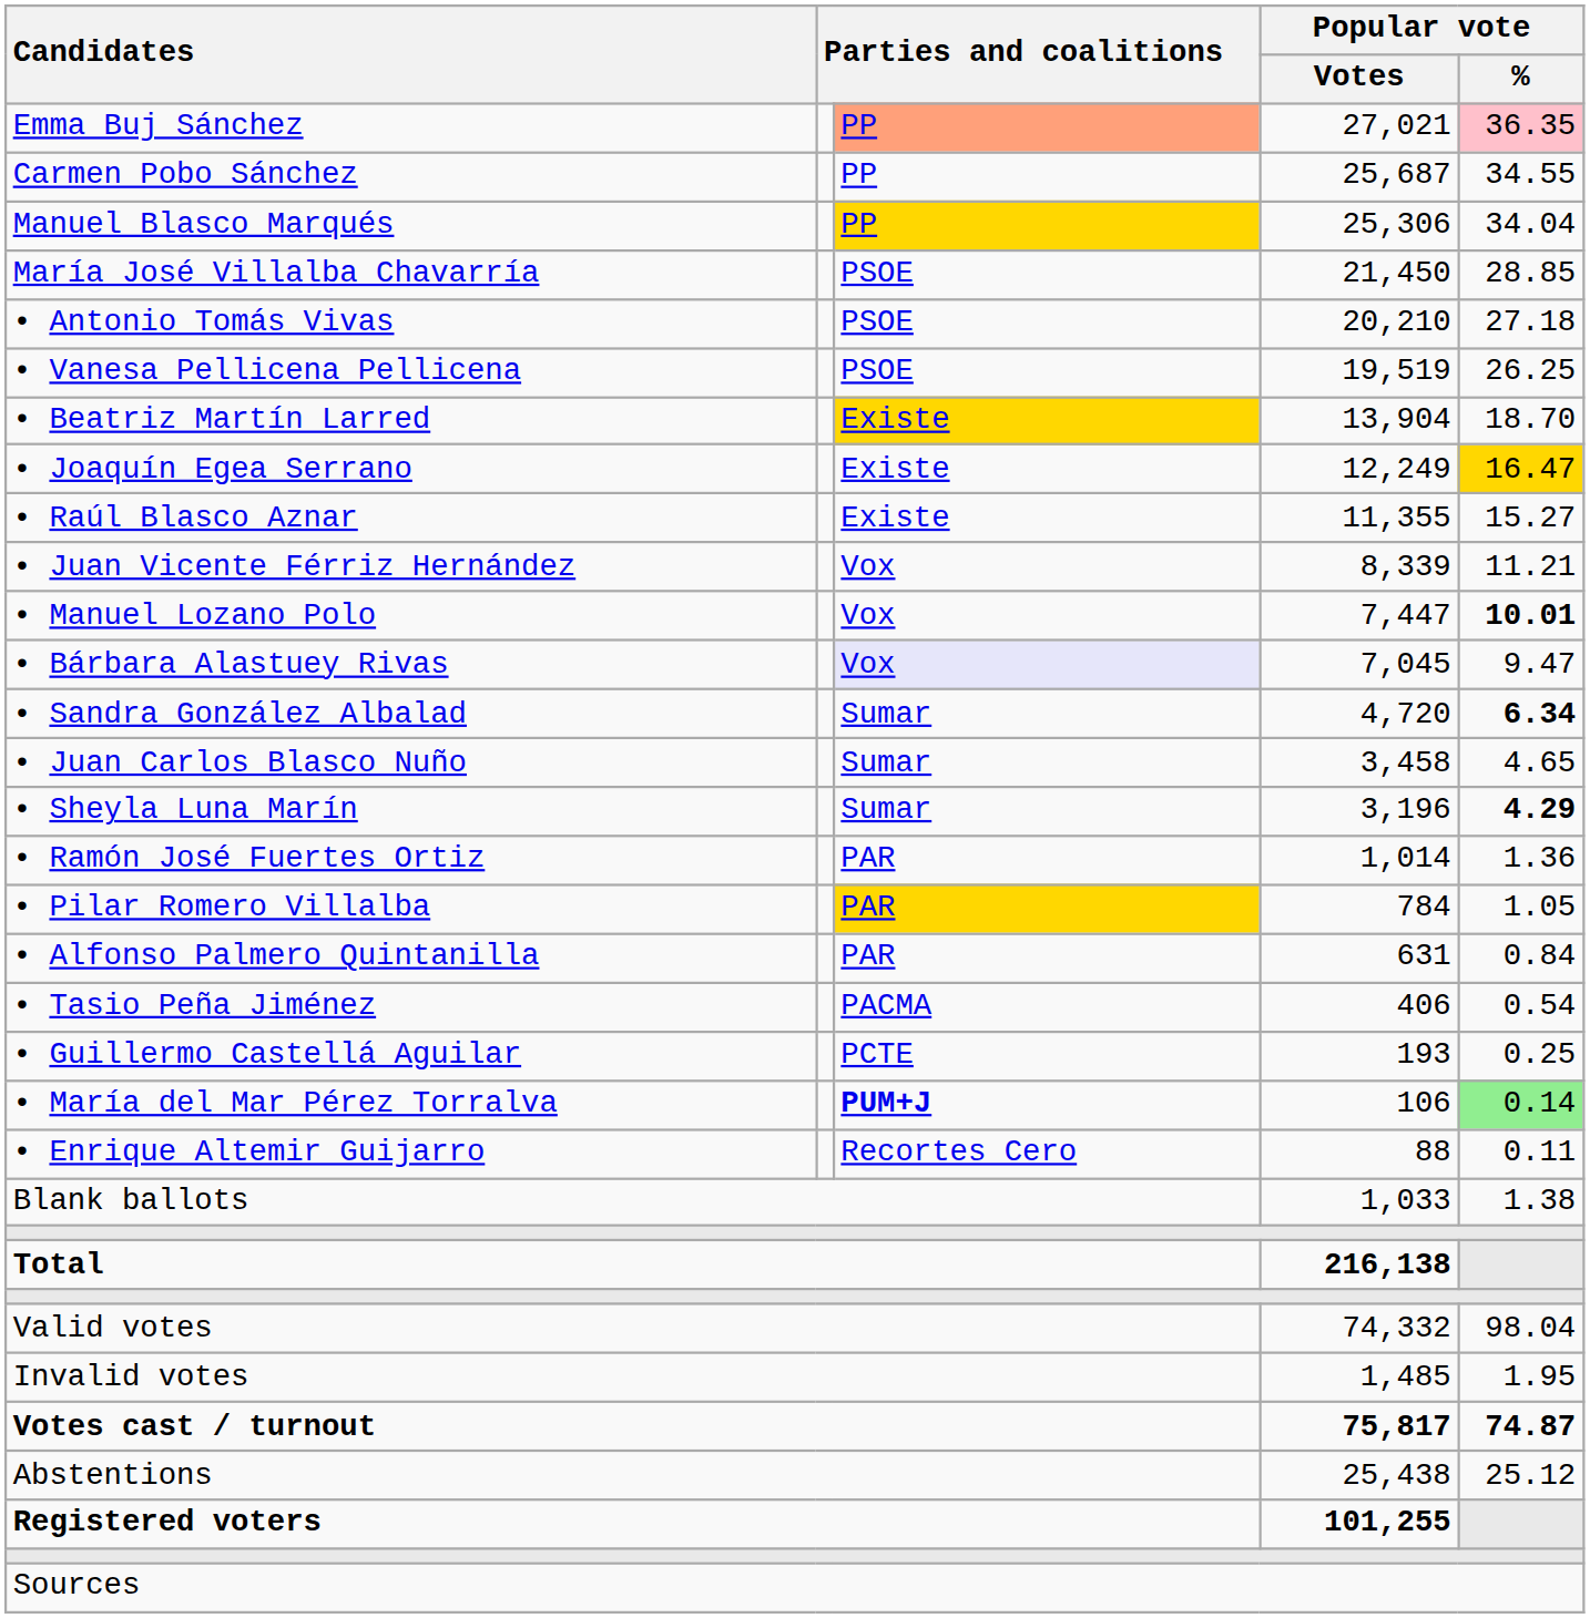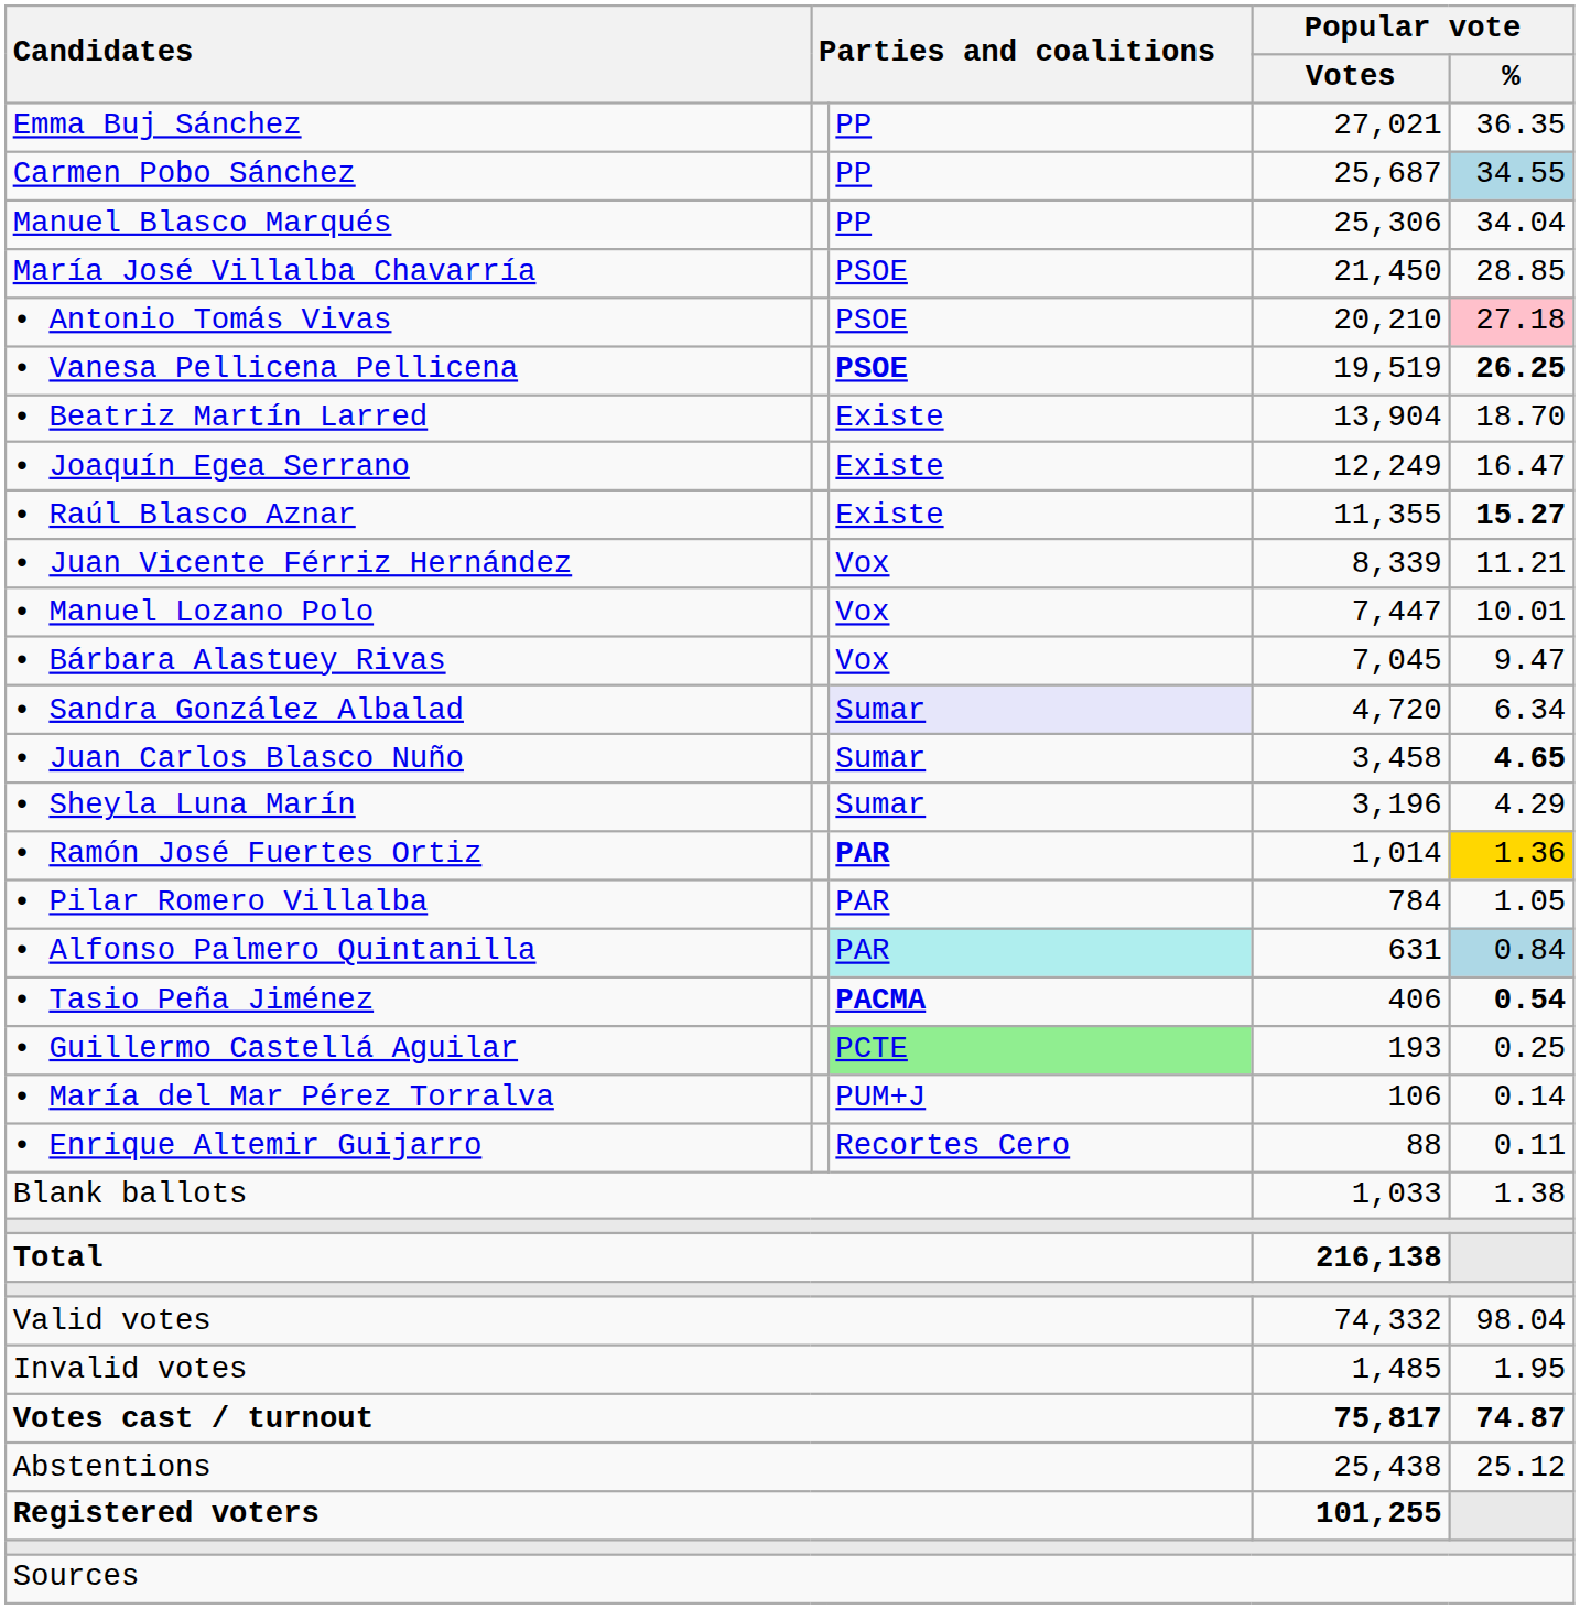 <table class="wikitable" style="text-align:right; font-size:95%;">
 <tr>
 <th style="text-align:left;" rowspan="2" width="325">Candidates</th>
 <th style="text-align:left;" rowspan="2" colspan="2" width="175">Parties and coalitions</th>
 <th colspan="2">Popular vote</th>
 </tr>
 <tr>
 <th width="75">Votes</th>
 <th width="45">%</th>
 </tr>
 <tr>
 <td align="left"> <a href='#'>Emma Buj Sánchez</a></td>
 <td width="1" style="color:inherit;background:"></td>
-<td align="left" style="background: lightsalmon;"><a href='#'>PP</a></td>
+<td align="left"><a href='#'>PP</a></td>
 <td>27,021</td>
-<td style="background: pink;">36.35</td>
+<td>36.35</td>
 </tr>
 <tr>
 <td align="left"> <a href='#'>Carmen Pobo Sánchez</a></td>
 <td width="1" style="color:inherit;background:"></td>
 <td align="left"><a href='#'>PP</a></td>
 <td>25,687</td>
-<td>34.55</td>
+<td style="background: lightblue;">34.55</td>
 </tr>
 <tr>
 <td align="left"> <a href='#'>Manuel Blasco Marqués</a></td>
 <td width="1" style="color:inherit;background:"></td>
-<td align="left" style="background: gold;"><a href='#'>PP</a></td>
+<td align="left"><a href='#'>PP</a></td>
 <td>25,306</td>
 <td>34.04</td>
 </tr>
 <tr>
 <td align="left"> <a href='#'>María José Villalba Chavarría</a></td>
 <td width="1" style="color:inherit;background:"></td>
 <td align="left"><a href='#'>PSOE</a></td>
 <td>21,450</td>
 <td>28.85</td>
 </tr>
 <tr>
 <td align="left">• <a href='#'>Antonio Tomás Vivas</a></td>
 <td width="1" style="color:inherit;background:"></td>
 <td align="left"><a href='#'>PSOE</a></td>
 <td>20,210</td>
-<td>27.18</td>
+<td style="background: pink;">27.18</td>
 </tr>
 <tr>
 <td align="left">• <a href='#'>Vanesa Pellicena Pellicena</a></td>
 <td width="1" style="color:inherit;background:"></td>
-<td align="left"><a href='#'>PSOE</a></td>
+<td align="left"><strong><a href='#'>PSOE</a></strong></td>
 <td>19,519</td>
-<td>26.25</td>
+<td><strong>26.25</strong></td>
 </tr>
 <tr>
 <td align="left">• <a href='#'>Beatriz Martín Larred</a></td>
 <td width="1" style="color:inherit;background:"></td>
-<td align="left" style="background: gold;"><a href='#'>Existe</a></td>
+<td align="left"><a href='#'>Existe</a></td>
 <td>13,904</td>
 <td>18.70</td>
 </tr>
 <tr>
 <td align="left">• <a href='#'>Joaquín Egea Serrano</a></td>
 <td width="1" style="color:inherit;background:"></td>
 <td align="left"><a href='#'>Existe</a></td>
 <td>12,249</td>
-<td style="background: gold;">16.47</td>
+<td>16.47</td>
 </tr>
 <tr>
 <td align="left">• <a href='#'>Raúl Blasco Aznar</a></td>
 <td width="1" style="color:inherit;background:"></td>
 <td align="left"><a href='#'>Existe</a></td>
 <td>11,355</td>
-<td>15.27</td>
+<td><strong>15.27</strong></td>
 </tr>
 <tr>
 <td align="left">• <a href='#'>Juan Vicente Férriz Hernández</a></td>
 <td width="1" style="color:inherit;background:"></td>
 <td align="left"><a href='#'>Vox</a></td>
 <td>8,339</td>
 <td>11.21</td>
 </tr>
 <tr>
 <td align="left">• <a href='#'>Manuel Lozano Polo</a></td>
 <td width="1" style="color:inherit;background:"></td>
 <td align="left"><a href='#'>Vox</a></td>
 <td>7,447</td>
-<td><strong>10.01</strong></td>
+<td>10.01</td>
 </tr>
 <tr>
 <td align="left">• <a href='#'>Bárbara Alastuey Rivas</a></td>
 <td width="1" style="color:inherit;background:"></td>
-<td align="left" style="background: lavender;"><a href='#'>Vox</a></td>
+<td align="left"><a href='#'>Vox</a></td>
 <td>7,045</td>
 <td>9.47</td>
 </tr>
 <tr>
 <td align="left">• <a href='#'>Sandra González Albalad</a></td>
 <td width="1" style="color:inherit;background:"></td>
-<td align="left"><a href='#'>Sumar</a></td>
+<td align="left" style="background: lavender;"><a href='#'>Sumar</a></td>
 <td>4,720</td>
-<td><strong>6.34</strong></td>
+<td>6.34</td>
 </tr>
 <tr>
 <td align="left">• <a href='#'>Juan Carlos Blasco Nuño</a></td>
 <td width="1" style="color:inherit;background:"></td>
 <td align="left"><a href='#'>Sumar</a></td>
 <td>3,458</td>
-<td>4.65</td>
+<td><strong>4.65</strong></td>
 </tr>
 <tr>
 <td align="left">• <a href='#'>Sheyla Luna Marín</a></td>
 <td width="1" style="color:inherit;background:"></td>
 <td align="left"><a href='#'>Sumar</a></td>
 <td>3,196</td>
-<td><strong>4.29</strong></td>
+<td>4.29</td>
 </tr>
 <tr>
 <td align="left">• <a href='#'>Ramón José Fuertes Ortiz</a></td>
 <td width="1" style="color:inherit;background:"></td>
-<td align="left"><a href='#'>PAR</a></td>
+<td align="left"><strong><a href='#'>PAR</a></strong></td>
 <td>1,014</td>
-<td>1.36</td>
+<td style="background: gold;">1.36</td>
 </tr>
 <tr>
 <td align="left">• <a href='#'>Pilar Romero Villalba</a></td>
 <td width="1" style="color:inherit;background:"></td>
-<td align="left" style="background: gold;"><a href='#'>PAR</a></td>
+<td align="left"><a href='#'>PAR</a></td>
 <td>784</td>
 <td>1.05</td>
 </tr>
 <tr>
 <td align="left">• <a href='#'>Alfonso Palmero Quintanilla</a></td>
 <td width="1" style="color:inherit;background:"></td>
-<td align="left"><a href='#'>PAR</a></td>
+<td align="left" style="background: paleturquoise;"><a href='#'>PAR</a></td>
 <td>631</td>
-<td>0.84</td>
+<td style="background: lightblue;">0.84</td>
 </tr>
 <tr>
 <td align="left">• <a href='#'>Tasio Peña Jiménez</a></td>
 <td width="1" style="color:inherit;background:"></td>
-<td align="left"><a href='#'>PACMA</a></td>
+<td align="left"><strong><a href='#'>PACMA</a></strong></td>
 <td>406</td>
-<td>0.54</td>
+<td><strong>0.54</strong></td>
 </tr>
 <tr>
 <td align="left">• <a href='#'>Guillermo Castellá Aguilar</a></td>
 <td width="1" style="color:inherit;background:"></td>
-<td align="left"><a href='#'>PCTE</a></td>
+<td align="left" style="background: lightgreen;"><a href='#'>PCTE</a></td>
 <td>193</td>
 <td>0.25</td>
 </tr>
 <tr>
 <td align="left">• <a href='#'>María del Mar Pérez Torralva</a></td>
 <td width="1" style="color:inherit;background:"></td>
-<td align="left"><strong><a href='#'>PUM+J</a></strong></td>
+<td align="left"><a href='#'>PUM+J</a></td>
 <td>106</td>
-<td style="background: lightgreen;">0.14</td>
+<td>0.14</td>
 </tr>
 <tr>
 <td align="left">• <a href='#'>Enrique Altemir Guijarro</a></td>
 <td width="1" style="color:inherit;background:"></td>
 <td align="left"><a href='#'>Recortes Cero</a></td>
 <td>88</td>
 <td>0.11</td>
 </tr>
 <tr>
 <td align="left" colspan="3">Blank ballots</td>
 <td>1,033</td>
 <td>1.38</td>
 </tr>
 <tr>
 <td colspan="5" bgcolor="#E9E9E9"></td>
 </tr>
 <tr style="font-weight:bold;">
 <td align="left" colspan="3">Total</td>
 <td>216,138</td>
 <td bgcolor="#E9E9E9"></td>
 </tr>
 <tr>
 <td colspan="5" bgcolor="#E9E9E9"></td>
 </tr>
 <tr>
 <td align="left" colspan="3">Valid votes</td>
 <td>74,332</td>
 <td>98.04</td>
 </tr>
 <tr>
 <td align="left" colspan="3">Invalid votes</td>
 <td>1,485</td>
 <td>1.95</td>
 </tr>
 <tr style="font-weight:bold;">
 <td align="left" colspan="3">Votes cast / turnout</td>
 <td>75,817</td>
 <td>74.87</td>
 </tr>
 <tr>
 <td align="left" colspan="3">Abstentions</td>
 <td>25,438</td>
 <td>25.12</td>
 </tr>
 <tr style="font-weight:bold;">
 <td align="left" colspan="3">Registered voters</td>
 <td>101,255</td>
 <td bgcolor="#E9E9E9"></td>
 </tr>
 <tr>
 <td colspan="5" bgcolor="#E9E9E9"></td>
 </tr>
 <tr>
 <td align="left" colspan="5">Sources</td>
 </tr>
 </table>
